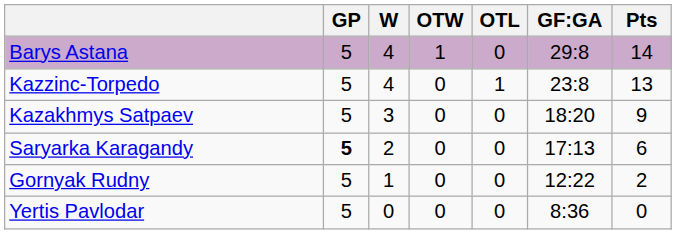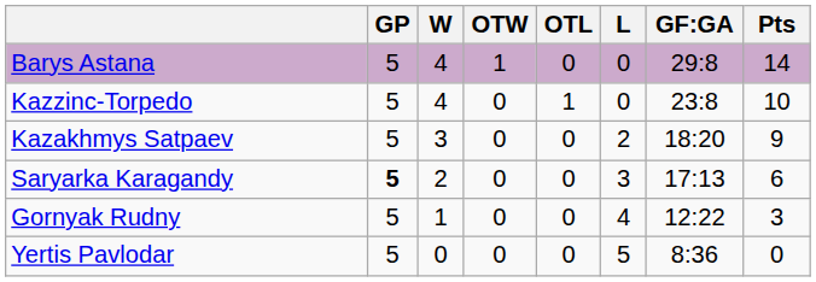 <table class="wikitable" width="60%">
 <tr>
 <th width="40%" bgcolor="#e0e0e0"></th>
 <th width="5%" bgcolor="#e0e0e0">GP</th>
 <th width="5%" bgcolor="#e0e0e0">W</th>
 <th width="5%" bgcolor="#e0e0e0">OTW</th>
 <th width="5%" bgcolor="#e0e0e0">OTL</th>
+<th width="5%" bgcolor="#e0e0e0">L</th>
 <th width="7.5%" bgcolor="#e0e0e0">GF:GA</th>
 <th width="7.5%" bgcolor="#e0e0e0">Pts</th>
 </tr>
 <tr align="center" bgcolor="#CCAACC">
 <td align="left"><a href='#'>Barys Astana</a></td>
 <td>5</td>
 <td>4</td>
 <td>1</td>
+<td>0</td>
 <td>0</td>
 <td>29:8</td>
 <td>14</td>
 </tr>
 <tr align="center">
 <td align="left"><a href='#'>Kazzinc-Torpedo</a></td>
 <td>5</td>
 <td>4</td>
 <td>0</td>
 <td>1</td>
+<td>0</td>
 <td>23:8</td>
-<td>13</td>
+<td>10</td>
 </tr>
 <tr align="center">
 <td align="left"><a href='#'>Kazakhmys Satpaev</a></td>
 <td>5</td>
 <td>3</td>
 <td>0</td>
 <td>0</td>
+<td>2</td>
 <td>18:20</td>
 <td>9</td>
 </tr>
 <tr align="center">
 <td align="left"><a href='#'>Saryarka Karagandy</a></td>
 <td><strong>5</strong></td>
 <td>2</td>
 <td>0</td>
 <td>0</td>
+<td>3</td>
 <td>17:13</td>
 <td>6</td>
 </tr>
 <tr align="center">
 <td align="left"><a href='#'>Gornyak Rudny</a></td>
 <td>5</td>
 <td>1</td>
 <td>0</td>
 <td>0</td>
+<td>4</td>
 <td>12:22</td>
-<td>2</td>
+<td>3</td>
 </tr>
 <tr align="center">
 <td align="left"><a href='#'>Yertis Pavlodar</a></td>
 <td>5</td>
 <td>0</td>
 <td>0</td>
 <td>0</td>
+<td>5</td>
 <td>8:36</td>
 <td>0</td>
 </tr>
 </table>
